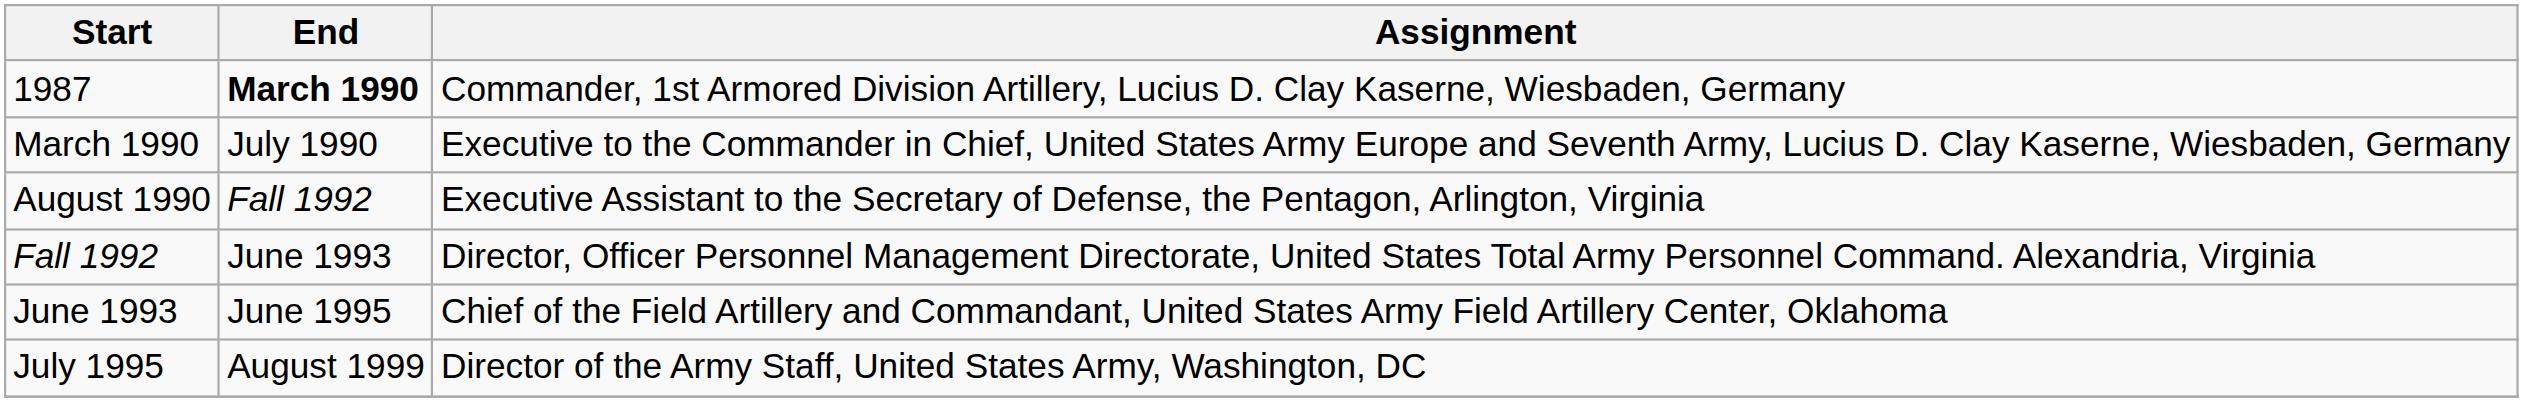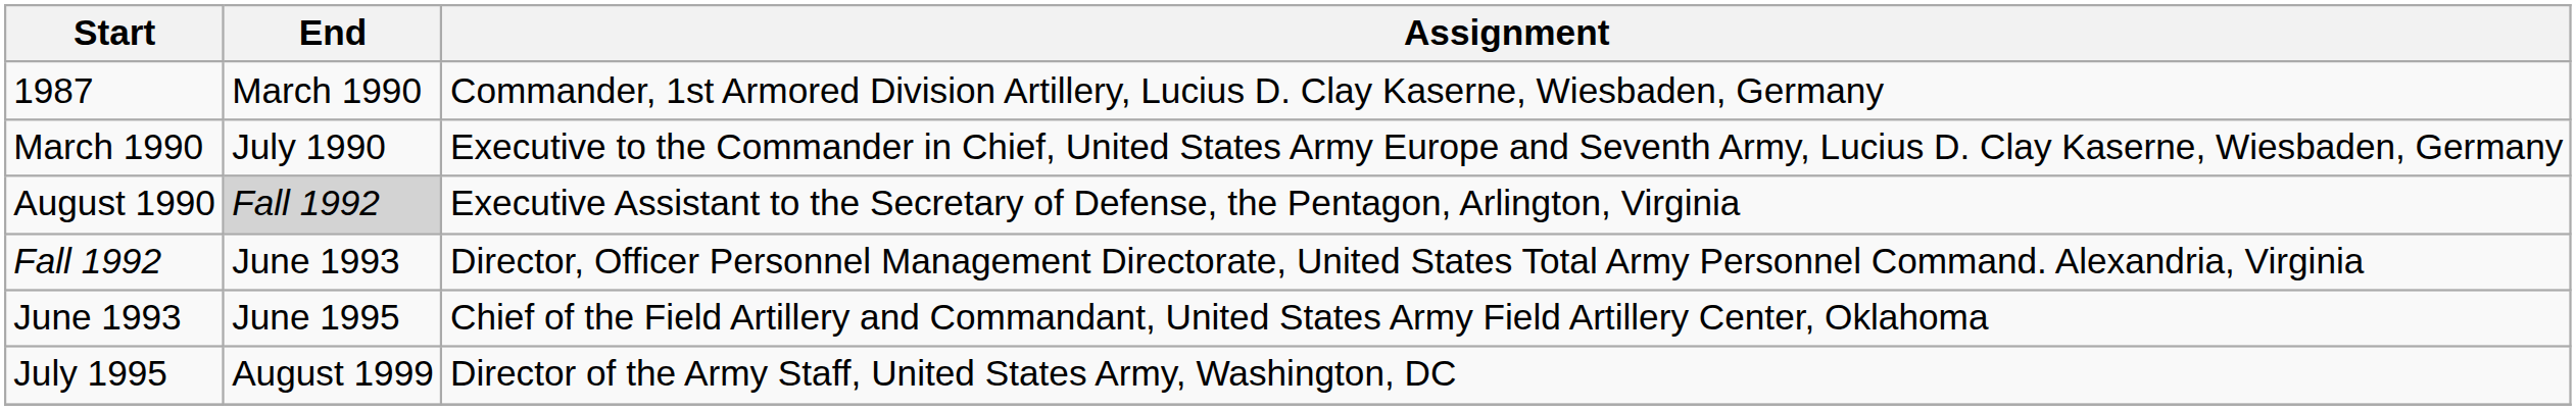 <table class="wikitable">
 <tr>
 <th>Start</th>
 <th>End</th>
 <th>Assignment</th>
 </tr>
 <tr>
 <td>1987</td>
-<td><strong>March 1990</strong></td>
+<td>March 1990</td>
 <td>Commander, 1st Armored Division Artillery, Lucius D. Clay Kaserne, Wiesbaden, Germany</td>
 </tr>
 <tr>
 <td>March 1990</td>
 <td>July 1990</td>
 <td>Executive to the Commander in Chief, United States Army Europe and Seventh Army, Lucius D. Clay Kaserne, Wiesbaden, Germany</td>
 </tr>
 <tr>
 <td>August 1990</td>
-<td><em>Fall 1992</em></td>
+<td style="background: lightgrey;"><em>Fall 1992</em></td>
 <td>Executive Assistant to the Secretary of Defense, the Pentagon, Arlington, Virginia</td>
 </tr>
 <tr>
 <td><em>Fall 1992</em></td>
 <td>June 1993</td>
 <td>Director, Officer Personnel Management Directorate, United States Total Army Personnel Command. Alexandria, Virginia</td>
 </tr>
 <tr>
 <td>June 1993</td>
 <td>June 1995</td>
 <td>Chief of the Field Artillery and Commandant, United States Army Field Artillery Center, Oklahoma</td>
 </tr>
 <tr>
 <td>July 1995</td>
 <td>August 1999</td>
 <td>Director of the Army Staff, United States Army, Washington, DC</td>
 </tr>
 <tr>
 </tr>
 </table>
